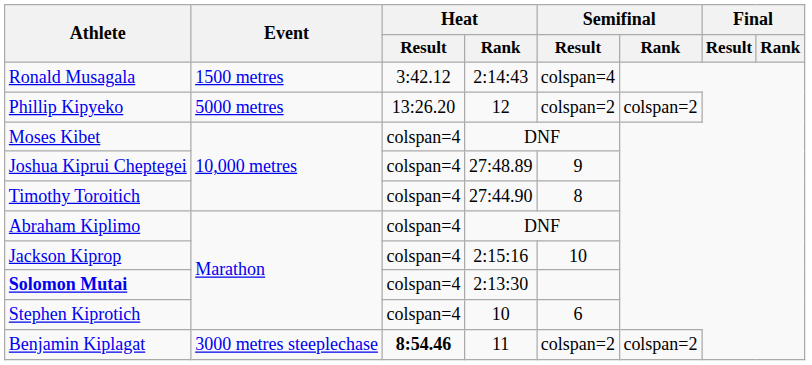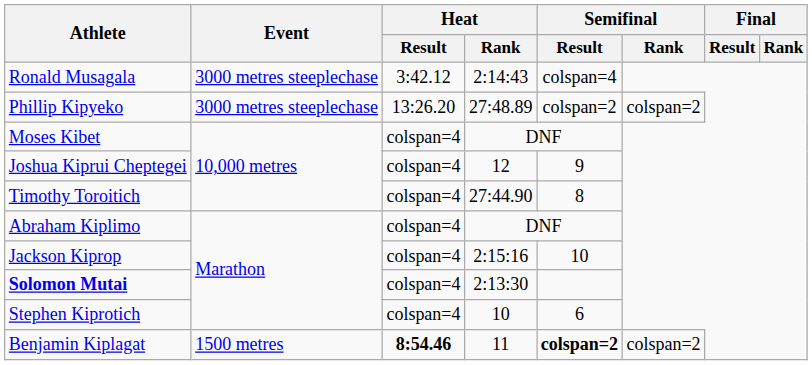 <table class="wikitable" style="font-size:90%">
 <tr>
 <th rowspan="2">Athlete</th>
 <th rowspan="2">Event</th>
 <th colspan="2">Heat</th>
 <th colspan="2">Semifinal</th>
 <th colspan="2">Final</th>
 </tr>
 <tr style="font-size:95%">
 <th>Result</th>
 <th>Rank</th>
 <th>Result</th>
 <th>Rank</th>
 <th>Result</th>
 <th>Rank</th>
 </tr>
 <tr style=text-align:center>
 <td style=text-align:left><a href='#'>Ronald Musagala</a></td>
-<td style=text-align:left><a href='#'>1500 metres</a></td>
+<td style=text-align:left><a href='#'>3000 metres steeplechase</a></td>
 <td>3:42.12</td>
 <td>2:14:43</td>
 <td>colspan=4 </td>
 </tr>
 <tr style=text-align:center>
 <td style=text-align:left><a href='#'>Phillip Kipyeko</a></td>
-<td style=text-align:left><a href='#'>5000 metres</a></td>
+<td style=text-align:left><a href='#'>3000 metres steeplechase</a></td>
 <td>13:26.20</td>
-<td>12</td>
+<td>27:48.89</td>
 <td>colspan=2 </td>
 <td>colspan=2 </td>
 </tr>
 <tr style=text-align:center>
 <td style=text-align:left><a href='#'>Moses Kibet</a></td>
 <td style=text-align:left rowspan=3><a href='#'>10,000 metres</a></td>
 <td>colspan=4 </td>
 <td colspan=2>DNF</td>
 </tr>
 <tr style=text-align:center>
 <td style=text-align:left><a href='#'>Joshua Kiprui Cheptegei</a></td>
 <td>colspan=4 </td>
-<td>27:48.89</td>
+<td>12</td>
 <td>9</td>
 </tr>
 <tr style=text-align:center>
 <td style=text-align:left><a href='#'>Timothy Toroitich</a></td>
 <td>colspan=4 </td>
 <td>27:44.90</td>
 <td>8</td>
 </tr>
 <tr style=text-align:center>
 <td style=text-align:left><a href='#'>Abraham Kiplimo</a></td>
 <td style=text-align:left rowspan=4><a href='#'>Marathon</a></td>
 <td>colspan=4 </td>
 <td colspan=2>DNF</td>
 </tr>
 <tr style=text-align:center>
 <td style=text-align:left><a href='#'>Jackson Kiprop</a></td>
 <td>colspan=4 </td>
 <td>2:15:16</td>
 <td>10</td>
 </tr>
 <tr style=text-align:center>
 <td style=text-align:left><strong><a href='#'>Solomon Mutai</a></strong></td>
 <td>colspan=4 </td>
 <td>2:13:30</td>
 <td></td>
 </tr>
 <tr style=text-align:center>
 <td style=text-align:left><a href='#'>Stephen Kiprotich</a></td>
 <td>colspan=4 </td>
 <td>10</td>
 <td>6</td>
 </tr>
 <tr style=text-align:center>
 <td style=text-align:left><a href='#'>Benjamin Kiplagat</a></td>
-<td style=text-align:left><a href='#'>3000 metres steeplechase</a></td>
+<td style=text-align:left><a href='#'>1500 metres</a></td>
 <td><strong>8:54.46</strong></td>
 <td>11</td>
-<td>colspan=2 </td>
+<td><strong>colspan=2 </strong></td>
 <td>colspan=2 </td>
 </tr>
 </table>
